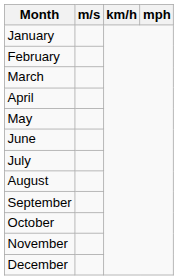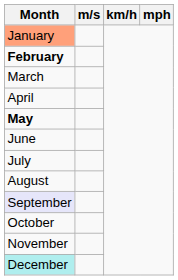 <table class="wikitable">
 <tr>
 <th>Month</th>
 <th>m/s</th>
 <th>km/h</th>
 <th>mph</th>
 </tr>
 <tr>
-<td>January</td>
+<td style="background: lightsalmon;">January</td>
 <td></td>
 </tr>
 <tr>
-<td>February</td>
+<td><strong>February</strong></td>
 <td></td>
 </tr>
 <tr>
 <td>March</td>
 <td></td>
 </tr>
 <tr>
 <td>April</td>
 <td></td>
 </tr>
 <tr>
-<td>May</td>
+<td><strong>May</strong></td>
 <td></td>
 </tr>
 <tr>
 <td>June</td>
 <td></td>
 </tr>
 <tr>
 <td>July</td>
 <td></td>
 </tr>
 <tr>
 <td>August</td>
 <td></td>
 </tr>
 <tr>
-<td>September</td>
+<td style="background: lavender;">September</td>
 <td></td>
 </tr>
 <tr>
 <td>October</td>
 <td></td>
 </tr>
 <tr>
 <td>November</td>
 <td></td>
 </tr>
 <tr>
-<td>December</td>
+<td style="background: paleturquoise;">December</td>
 <td></td>
 </tr>
 </table>
